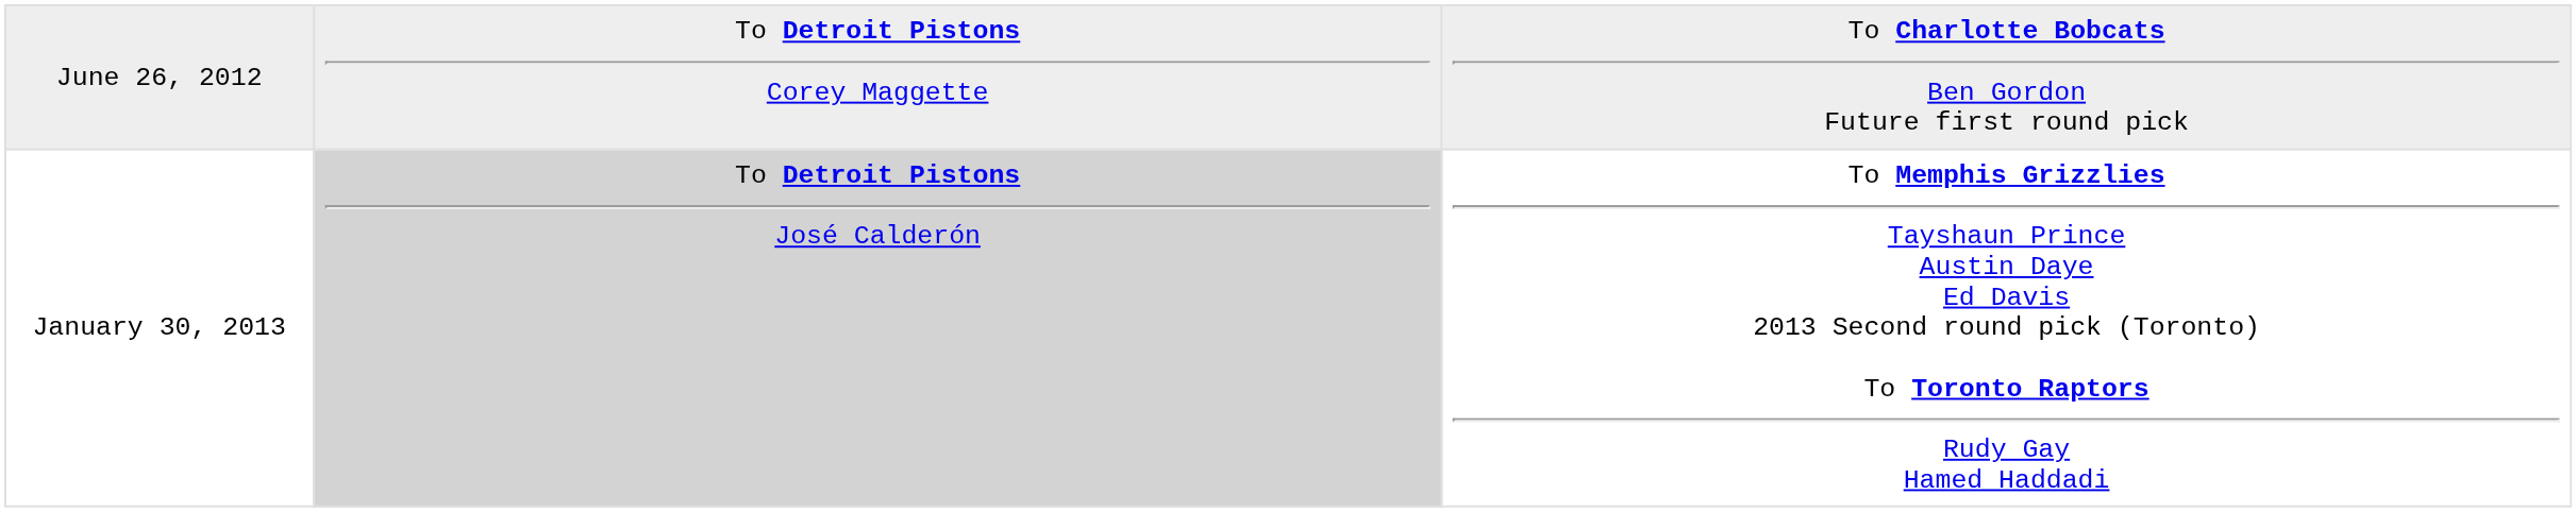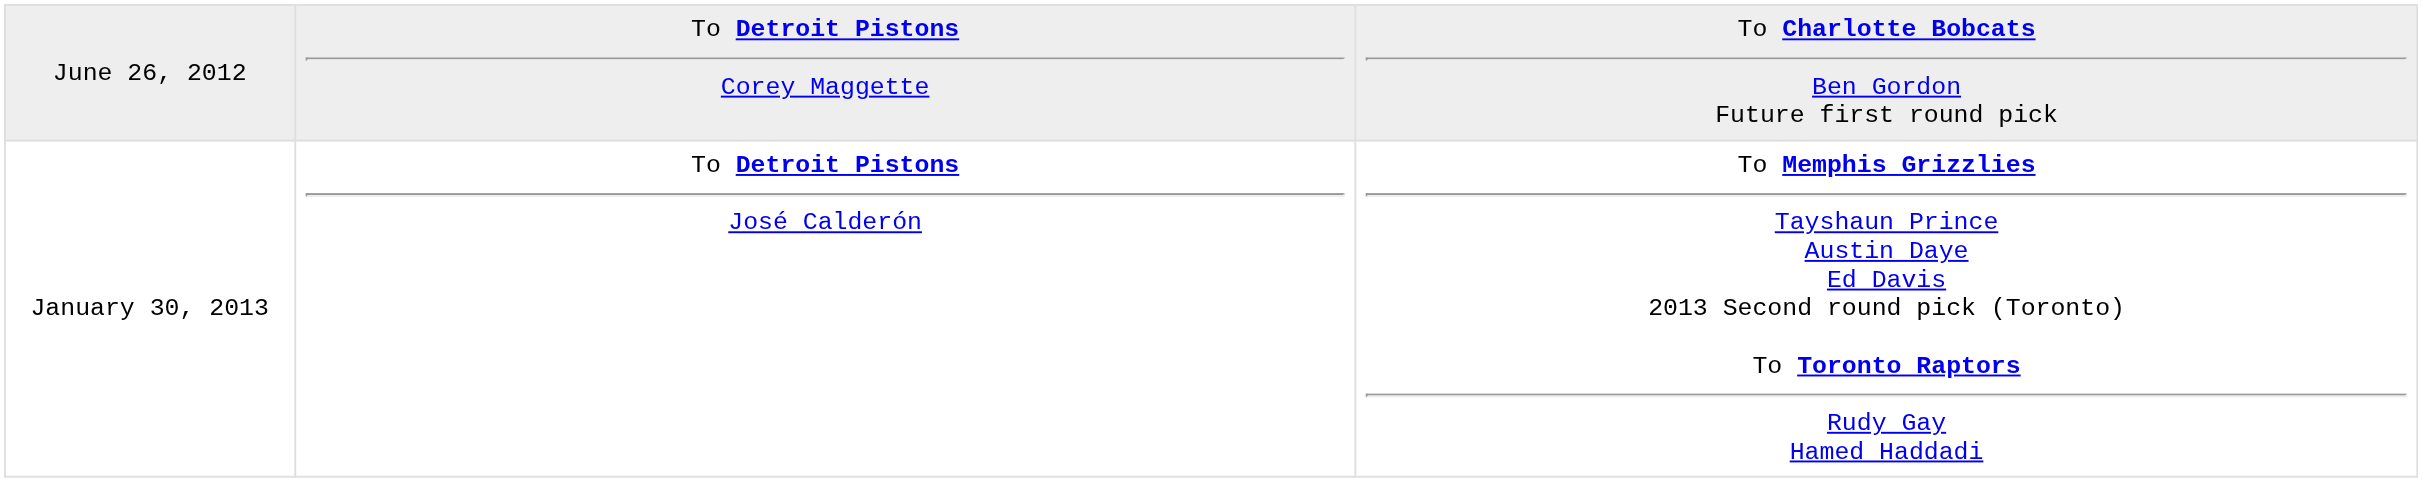 <table border=1 style="border-collapse:collapse; text-align: center; width: 100%" bordercolor="#DFDFDF"  cellpadding="5">
 <tr bgcolor="eeeeee">
 <td style="width:12%">June 26, 2012</td>
 <td style="width:44%" valign="top">To <strong><a href='#'>Detroit Pistons</a></strong><hr><a href='#'>Corey Maggette</a></td>
 <td style="width:44%" valign="top">To <strong><a href='#'>Charlotte Bobcats</a></strong><hr><a href='#'>Ben Gordon</a><br>Future first round pick</td>
 </tr>
 <tr>
 <td style="width:12%">January 30, 2013</td>
-<td style="background: lightgrey; width:44%" valign="top">To <strong><a href='#'>Detroit Pistons</a></strong><hr><a href='#'>José Calderón</a></td>
+<td style="width:44%" valign="top">To <strong><a href='#'>Detroit Pistons</a></strong><hr><a href='#'>José Calderón</a></td>
 <td style="width:44%" valign="top">To <strong><a href='#'>Memphis Grizzlies</a></strong><hr><a href='#'>Tayshaun Prince</a><br><a href='#'>Austin Daye</a><br><a href='#'>Ed Davis</a><br>2013 Second round pick (Toronto)<br><br>To <strong><a href='#'>Toronto Raptors</a></strong><hr><a href='#'>Rudy Gay</a><br><a href='#'>Hamed Haddadi</a></td>
 </tr>
 </table>
